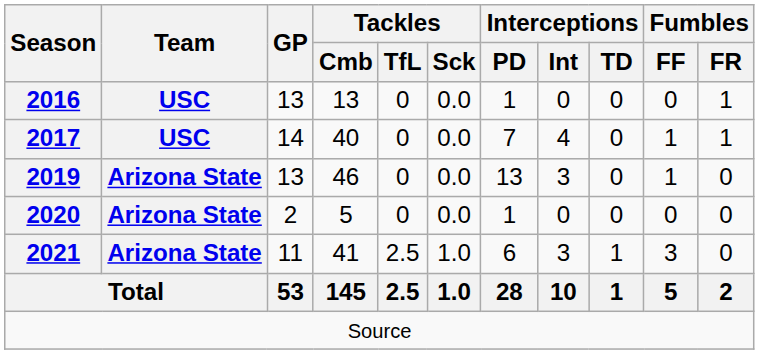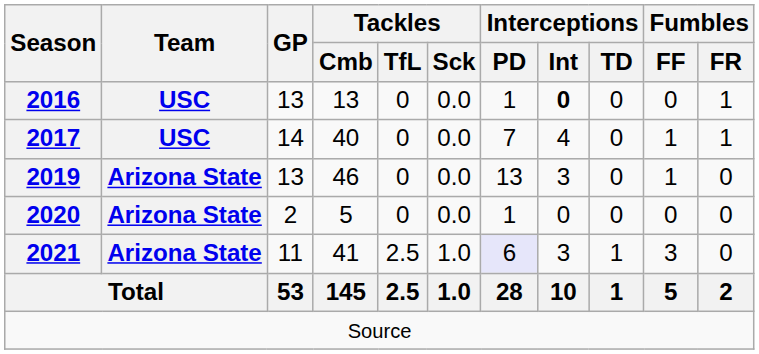 <table class="wikitable" style="text-align:center;">
 <tr>
 <th rowspan="2">Season</th>
 <th rowspan="2">Team</th>
 <th rowspan="2">GP</th>
 <th colspan="3">Tackles</th>
 <th colspan="3">Interceptions</th>
 <th colspan="2">Fumbles</th>
 </tr>
 <tr>
 <th>Cmb</th>
 <th>TfL</th>
 <th>Sck</th>
 <th>PD</th>
 <th>Int</th>
 <th>TD</th>
 <th>FF</th>
 <th>FR</th>
 </tr>
 <tr>
 <th><a href='#'>2016</a></th>
 <th><a href='#'>USC</a></th>
 <td>13</td>
 <td>13</td>
 <td>0</td>
 <td>0.0</td>
 <td>1</td>
-<td>0</td>
+<td><strong>0</strong></td>
 <td>0</td>
 <td>0</td>
 <td>1</td>
 </tr>
 <tr>
 <th><a href='#'>2017</a></th>
 <th><a href='#'>USC</a></th>
 <td>14</td>
 <td>40</td>
 <td>0</td>
 <td>0.0</td>
 <td>7</td>
 <td>4</td>
 <td>0</td>
 <td>1</td>
 <td>1</td>
 </tr>
 <tr>
 <th><a href='#'>2019</a></th>
 <th><a href='#'>Arizona State</a></th>
 <td>13</td>
 <td>46</td>
 <td>0</td>
 <td>0.0</td>
 <td>13</td>
 <td>3</td>
 <td>0</td>
 <td>1</td>
 <td>0</td>
 </tr>
 <tr>
 <th><a href='#'>2020</a></th>
 <th><a href='#'>Arizona State</a></th>
 <td>2</td>
 <td>5</td>
 <td>0</td>
 <td>0.0</td>
 <td>1</td>
 <td>0</td>
 <td>0</td>
 <td>0</td>
 <td>0</td>
 </tr>
 <tr>
 <th><a href='#'>2021</a></th>
 <th><a href='#'>Arizona State</a></th>
 <td>11</td>
 <td>41</td>
 <td>2.5</td>
 <td>1.0</td>
-<td>6</td>
+<td style="background: lavender;">6</td>
 <td>3</td>
 <td>1</td>
 <td>3</td>
 <td>0</td>
 </tr>
 <tr>
 <th colspan="2">Total</th>
 <th>53</th>
 <th>145</th>
 <th>2.5</th>
 <th>1.0</th>
 <th>28</th>
 <th>10</th>
 <th>1</th>
 <th>5</th>
 <th>2</th>
 </tr>
 <tr>
 <td colspan="11"><small>Source </small></td>
 </tr>
 </table>
